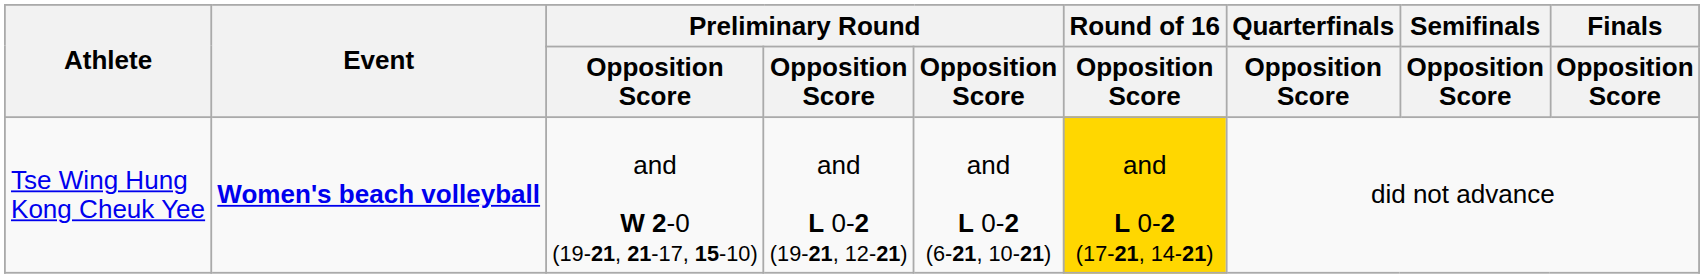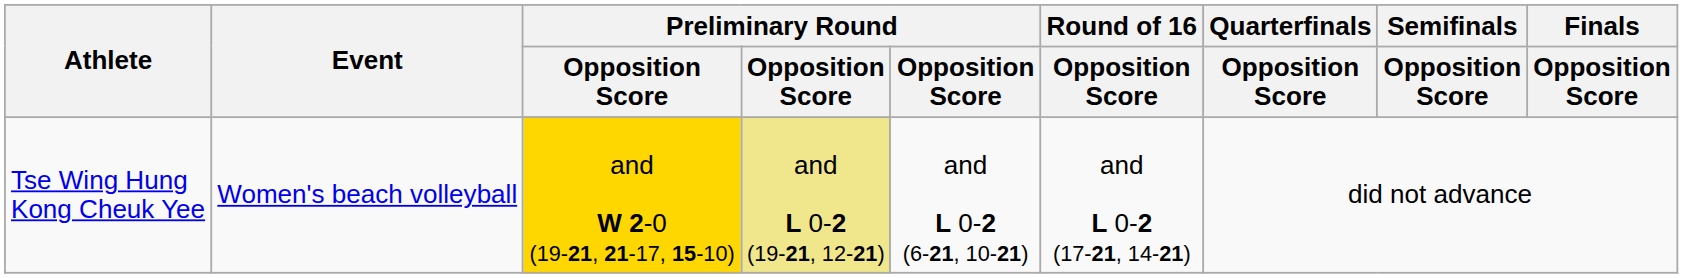 <table class="wikitable" border="1" style="font-size:90%">
 <tr>
 <th rowspan=2>Athlete</th>
 <th rowspan=2>Event</th>
 <th colspan=3>Preliminary Round</th>
 <th>Round of 16</th>
 <th>Quarterfinals</th>
 <th>Semifinals</th>
 <th>Finals</th>
 </tr>
 <tr>
 <th>Opposition<br>Score</th>
 <th>Opposition<br>Score</th>
 <th>Opposition<br>Score</th>
 <th>Opposition<br>Score</th>
 <th>Opposition<br>Score</th>
 <th>Opposition<br>Score</th>
 <th>Opposition<br>Score</th>
 </tr>
 <tr>
 <td><a href='#'>Tse Wing Hung</a> <br> <a href='#'>Kong Cheuk Yee</a></td>
-<td><strong><a href='#'>Women's beach volleyball</a></strong></td>
-<td align=center><br>and<br><br><strong>W</strong> <strong>2</strong>-0<br><small>(19-<strong>21</strong>, <strong>21</strong>-17, <strong>15</strong>-10)</small></td>
-<td align=center><br>and<br><br><strong>L</strong> 0-<strong>2</strong><br><small>(19-<strong>21</strong>, 12-<strong>21</strong>)</small></td>
+<td><a href='#'>Women's beach volleyball</a></td>
+<td align=center style="background: gold;"><br>and<br><br><strong>W</strong> <strong>2</strong>-0<br><small>(19-<strong>21</strong>, <strong>21</strong>-17, <strong>15</strong>-10)</small></td>
+<td align=center style="background: khaki;"><br>and<br><br><strong>L</strong> 0-<strong>2</strong><br><small>(19-<strong>21</strong>, 12-<strong>21</strong>)</small></td>
 <td align=center><br>and<br><br><strong>L</strong> 0-<strong>2</strong><br><small>(6-<strong>21</strong>, 10-<strong>21</strong>)</small></td>
-<td align=center style="background: gold;"><br>and<br><br><strong>L</strong> 0-<strong>2</strong><br><small>(17-<strong>21</strong>, 14-<strong>21</strong>)</small></td>
+<td align=center><br>and<br><br><strong>L</strong> 0-<strong>2</strong><br><small>(17-<strong>21</strong>, 14-<strong>21</strong>)</small></td>
 <td align=center colspan="7">did not advance</td>
 </tr>
 </table>
